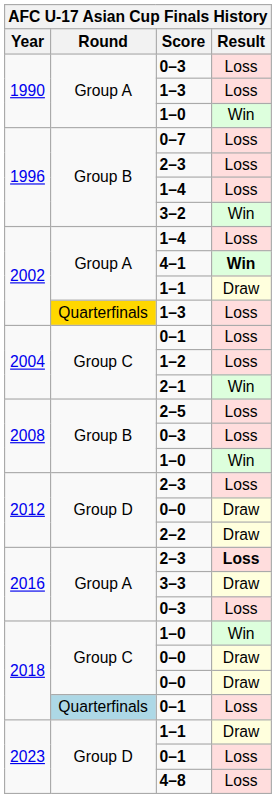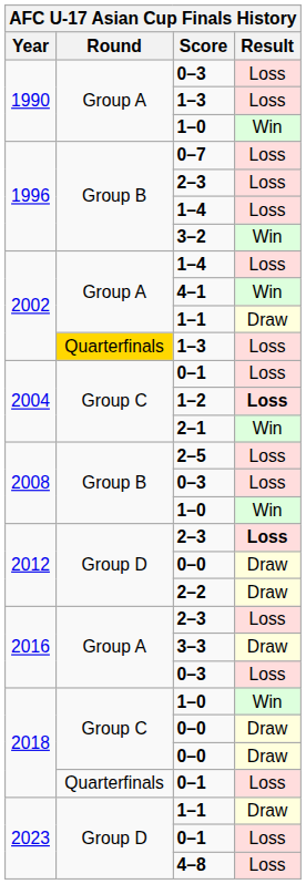 <table class="wikitable collapsible collapsed" style="text-align: center;font-size:85%;">
 <tr>
 <th colspan=4>AFC U-17 Asian Cup Finals History</th>
 </tr>
 <tr>
 <th>Year</th>
 <th>Round</th>
 <th>Score</th>
 <th>Result</th>
 </tr>
 <tr>
 <td rowspan=3><a href='#'>1990</a></td>
 <td rowspan=3>Group A</td>
 <td align="left"> <strong>0–3</strong> </td>
 <td style="background:#fdd;">Loss</td>
 </tr>
 <tr>
 <td align="left"> <strong>1–3</strong> </td>
 <td style="background:#fdd;">Loss</td>
 </tr>
 <tr>
 <td align="left"> <strong>1–0</strong> </td>
 <td style="background:#dfd;">Win</td>
 </tr>
 <tr>
 <td rowspan=4><a href='#'>1996</a></td>
 <td rowspan=4>Group B</td>
 <td align="left"> <strong>0–7</strong> </td>
 <td style="background:#fdd;">Loss</td>
 </tr>
 <tr>
 <td align="left"> <strong>2–3</strong> </td>
 <td style="background:#fdd;">Loss</td>
 </tr>
 <tr>
 <td align="left"> <strong>1–4</strong> </td>
 <td style="background:#fdd;">Loss</td>
 </tr>
 <tr>
 <td align="left"> <strong>3–2</strong> </td>
 <td style="background:#dfd;">Win</td>
 </tr>
 <tr>
 <td rowspan=4><a href='#'>2002</a></td>
 <td rowspan=3>Group A</td>
 <td align="left"> <strong>1–4</strong> </td>
 <td style="background:#fdd;">Loss</td>
 </tr>
 <tr>
 <td align="left"> <strong>4–1</strong> </td>
-<td style="background:#dfd;"><strong>Win</strong></td>
+<td style="background:#dfd;">Win</td>
 </tr>
 <tr>
 <td align="left"> <strong>1–1</strong> </td>
 <td style="background:#ffd;">Draw</td>
 </tr>
 <tr>
 <td style="background: gold;">Quarterfinals</td>
 <td align="left"> <strong>1–3</strong> </td>
 <td style="background:#fdd;">Loss</td>
 </tr>
 <tr>
 <td rowspan=3><a href='#'>2004</a></td>
 <td rowspan=3>Group C</td>
 <td align="left"> <strong>0–1</strong> </td>
 <td style="background:#fdd;">Loss</td>
 </tr>
 <tr>
 <td align="left"> <strong>1–2</strong> </td>
-<td style="background:#fdd;">Loss</td>
+<td style="background:#fdd;"><strong>Loss</strong></td>
 </tr>
 <tr>
 <td align="left"> <strong>2–1</strong> </td>
 <td style="background:#dfd;">Win</td>
 </tr>
 <tr>
 <td rowspan=3><a href='#'>2008</a></td>
 <td rowspan=3>Group B</td>
 <td align="left"> <strong>2–5</strong> </td>
 <td style="background:#fdd;">Loss</td>
 </tr>
 <tr>
 <td align="left"> <strong>0–3</strong> </td>
 <td style="background:#fdd;">Loss</td>
 </tr>
 <tr>
 <td align="left"> <strong>1–0</strong> </td>
 <td style="background:#dfd;">Win</td>
 </tr>
 <tr>
 <td rowspan=3><a href='#'>2012</a></td>
 <td rowspan=3>Group D</td>
 <td align="left"> <strong>2–3</strong> </td>
-<td style="background:#fdd;">Loss</td>
+<td style="background:#fdd;"><strong>Loss</strong></td>
 </tr>
 <tr>
 <td align="left"> <strong>0–0</strong> </td>
 <td style="background:#ffd;">Draw</td>
 </tr>
 <tr>
 <td align="left"> <strong>2–2</strong> </td>
 <td style="background:#ffd;">Draw</td>
 </tr>
 <tr>
 <td rowspan=3><a href='#'>2016</a></td>
 <td rowspan=3>Group A</td>
 <td align="left"> <strong>2–3</strong> </td>
-<td style="background:#fdd;"><strong>Loss</strong></td>
+<td style="background:#fdd;">Loss</td>
 </tr>
 <tr>
 <td align="left"> <strong>3–3</strong> </td>
 <td style="background:#ffd;">Draw</td>
 </tr>
 <tr>
 <td align="left"> <strong>0–3</strong> </td>
 <td style="background:#fdd;">Loss</td>
 </tr>
 <tr>
 <td rowspan=4><a href='#'>2018</a></td>
 <td rowspan=3>Group C</td>
 <td align="left"> <strong>1–0</strong> </td>
 <td style="background:#dfd;">Win</td>
 </tr>
 <tr>
 <td align="left"> <strong>0–0</strong> </td>
 <td style="background:#ffd;">Draw</td>
 </tr>
 <tr>
 <td align="left"> <strong>0–0</strong> </td>
 <td style="background:#ffd;">Draw</td>
 </tr>
 <tr>
-<td style="background: lightblue;">Quarterfinals</td>
+<td>Quarterfinals</td>
 <td align="left"> <strong>0–1</strong> </td>
 <td style="background:#fdd;">Loss</td>
 </tr>
 <tr>
 <td rowspan=3><a href='#'>2023</a></td>
 <td rowspan=3>Group D</td>
 <td align="left"> <strong>1–1</strong> </td>
 <td style="background:#ffd;">Draw</td>
 </tr>
 <tr>
 <td align="left"> <strong>0–1</strong> </td>
 <td style="background:#fdd;">Loss</td>
 </tr>
 <tr>
 <td align="left"> <strong>4–8</strong> </td>
 <td style="background:#fdd;">Loss</td>
 </tr>
 </table>
